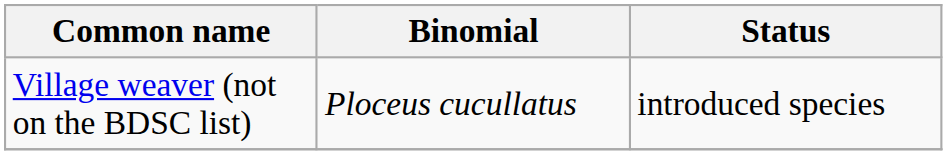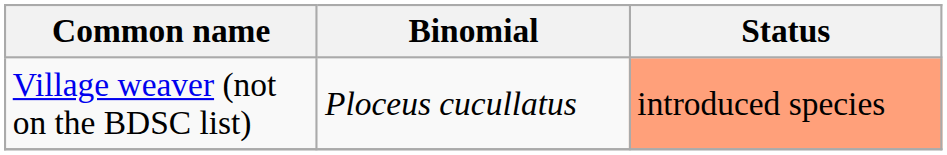 <table width=72% class="wikitable">
 <tr>
 <th width=24%>Common name</th>
 <th width=24%>Binomial</th>
 <th width=24%>Status</th>
 </tr>
 <tr>
 <td><a href='#'>Village weaver</a> (not on the BDSC list)</td>
 <td><em>Ploceus cucullatus</em></td>
-<td>introduced species</td>
+<td style="background: lightsalmon;">introduced species</td>
 </tr>
 <tr>
 </tr>
 </table>
